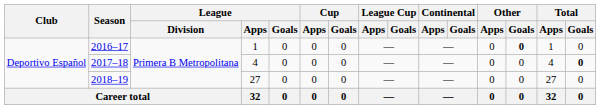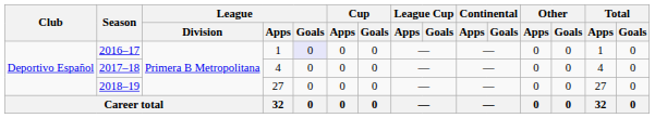 <table class="wikitable" style="text-align:center">
 <tr>
 <th rowspan="2">Club</th>
 <th rowspan="2">Season</th>
 <th colspan="3">League</th>
 <th colspan="2">Cup</th>
 <th colspan="2">League Cup</th>
 <th colspan="2">Continental</th>
 <th colspan="2">Other</th>
 <th colspan="2">Total</th>
 </tr>
 <tr>
 <th>Division</th>
 <th>Apps</th>
 <th>Goals</th>
 <th>Apps</th>
 <th>Goals</th>
 <th>Apps</th>
 <th>Goals</th>
 <th>Apps</th>
 <th>Goals</th>
 <th>Apps</th>
 <th>Goals</th>
 <th>Apps</th>
 <th>Goals</th>
 </tr>
 <tr>
 <td rowspan="3"><a href='#'>Deportivo Español</a></td>
 <td><a href='#'>2016–17</a></td>
 <td rowspan="3"><a href='#'>Primera B Metropolitana</a></td>
 <td>1</td>
-<td>0</td>
+<td style="background: lavender;">0</td>
 <td>0</td>
 <td>0</td>
 <td colspan="2">—</td>
 <td colspan="2">—</td>
 <td>0</td>
-<td><strong>0</strong></td>
+<td>0</td>
 <td>1</td>
 <td>0</td>
 </tr>
 <tr>
 <td><a href='#'>2017–18</a></td>
 <td>4</td>
 <td>0</td>
 <td>0</td>
 <td>0</td>
 <td colspan="2">—</td>
 <td colspan="2">—</td>
 <td>0</td>
 <td>0</td>
 <td>4</td>
-<td><strong>0</strong></td>
+<td>0</td>
 </tr>
 <tr>
 <td><a href='#'>2018–19</a></td>
 <td>27</td>
 <td>0</td>
 <td>0</td>
 <td>0</td>
 <td colspan="2">—</td>
 <td colspan="2">—</td>
 <td>0</td>
 <td>0</td>
 <td>27</td>
 <td>0</td>
 </tr>
 <tr>
 <th colspan="3">Career total</th>
 <th>32</th>
 <th>0</th>
 <th>0</th>
 <th>0</th>
 <th colspan="2">—</th>
 <th colspan="2">—</th>
 <th>0</th>
 <th>0</th>
 <th>32</th>
 <th>0</th>
 </tr>
 </table>
